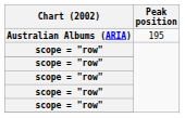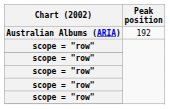 <table class="wikitable sortable plainrowheaders" style="text-align:center">
 <tr>
 <th scope="col">Chart (2002)</th>
 <th scope="col">Peak<br> position</th>
 </tr>
 <tr>
 <th scope="row">Australian Albums (<a href='#'>ARIA</a>)</th>
-<td align="center">195</td>
+<td align="center">192</td>
 </tr>
 <tr>
 <th>scope = "row" </th>
 </tr>
 <tr>
 </tr>
 <tr>
 <th>scope = "row" </th>
 </tr>
 <tr>
 <th>scope = "row" </th>
 </tr>
 <tr>
 <th>scope = "row" </th>
 </tr>
 <tr>
 <th>scope = "row" </th>
 </tr>
 <tr>
 </tr>
 </table>
